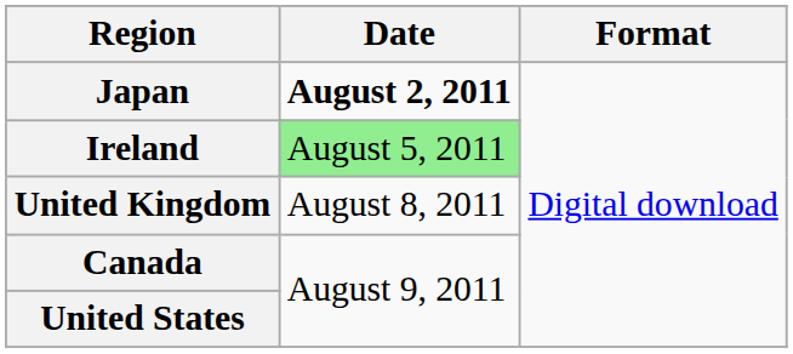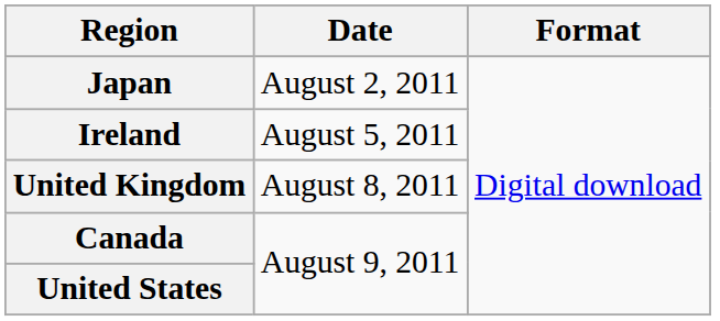 <table class="wikitable plainrowheaders">
 <tr>
 <th scope="col">Region</th>
 <th scope="col">Date</th>
 <th scope="col">Format</th>
 </tr>
 <tr>
 <th scope="row">Japan</th>
-<td><strong>August 2, 2011</strong></td>
+<td>August 2, 2011</td>
 <td rowspan="5"><a href='#'>Digital download</a></td>
 </tr>
 <tr>
 <th scope="row">Ireland</th>
-<td style="background: lightgreen;">August 5, 2011</td>
+<td>August 5, 2011</td>
 </tr>
 <tr>
 <th scope="row">United Kingdom</th>
 <td>August 8, 2011</td>
 </tr>
 <tr>
 <th scope="row">Canada</th>
 <td rowspan="2">August 9, 2011</td>
 </tr>
 <tr>
 <th scope="row">United States</th>
 </tr>
 </table>
